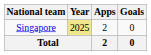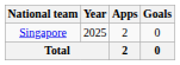 <table class="wikitable" style="text-align: center;">
 <tr>
 <th>National team</th>
 <th>Year</th>
 <th>Apps</th>
 <th>Goals</th>
 </tr>
 <tr>
 <td rowspan="1"><a href='#'>Singapore</a></td>
-<td style="background: khaki;">2025</td>
+<td>2025</td>
 <td>2</td>
 <td>0</td>
 </tr>
 <tr>
 <th colspan="2">Total</th>
 <th>2</th>
 <th>0</th>
 </tr>
 </table>
